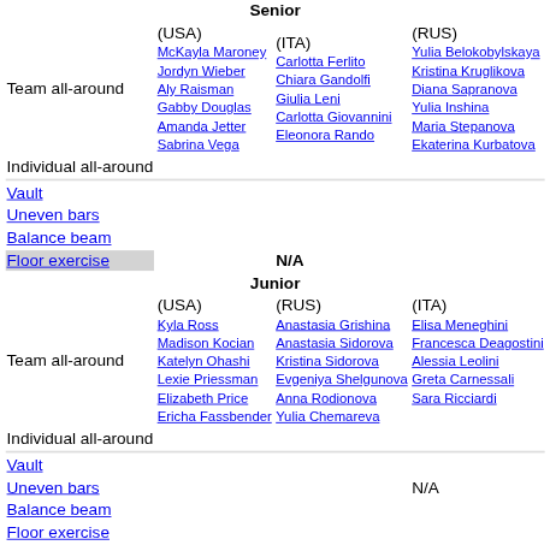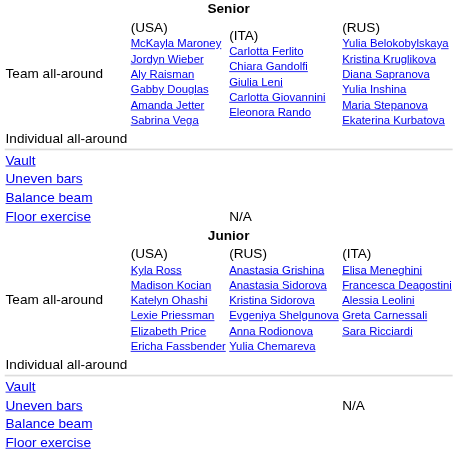 <table>
 <tr>
 <th colspan="4">Senior</th>
 </tr>
 <tr>
 <td>Team all-around</td>
 <td> (USA) <br><small><a href='#'>McKayla Maroney</a><br><a href='#'>Jordyn Wieber</a><br><a href='#'>Aly Raisman</a><br><a href='#'>Gabby Douglas</a><br><a href='#'>Amanda Jetter</a><br><a href='#'>Sabrina Vega</a></small></td>
 <td> (ITA) <br><small><a href='#'>Carlotta Ferlito</a><br><a href='#'>Chiara Gandolfi</a><br><a href='#'>Giulia Leni</a><br><a href='#'>Carlotta Giovannini</a><br><a href='#'>Eleonora Rando</a></small></td>
 <td> (RUS) <br><small><a href='#'>Yulia Belokobylskaya</a><br><a href='#'>Kristina Kruglikova</a><br><a href='#'>Diana Sapranova</a><br><a href='#'>Yulia Inshina</a><br><a href='#'>Maria Stepanova</a><br><a href='#'>Ekaterina Kurbatova</a></small></td>
 </tr>
 <tr>
 <td>Individual all-around</td>
 <td></td>
 <td></td>
 <td></td>
 </tr>
 <tr bgcolor=#DDDDDD>
 <td colspan=7></td>
 </tr>
 <tr>
 <td><a href='#'>Vault</a></td>
 <td></td>
 <td></td>
 <td></td>
 </tr>
 <tr>
 <td><a href='#'>Uneven bars</a></td>
 <td></td>
 <td></td>
 <td></td>
 </tr>
 <tr>
 <td><a href='#'>Balance beam</a></td>
 <td></td>
 <td></td>
 <td></td>
 </tr>
 <tr>
-<td style="background: lightgrey;"><a href='#'>Floor exercise</a></td>
+<td><a href='#'>Floor exercise</a></td>
 <td><br></td>
-<td><strong>N/A</strong></td>
+<td>N/A</td>
 <td></td>
 </tr>
 <tr>
 <th colspan="4">Junior</th>
 </tr>
 <tr>
 <td>Team all-around</td>
 <td> (USA) <br><small><a href='#'>Kyla Ross</a><br><a href='#'>Madison Kocian</a><br><a href='#'>Katelyn Ohashi</a><br><a href='#'>Lexie Priessman</a><br><a href='#'>Elizabeth Price</a><br><a href='#'>Ericha Fassbender</a></small></td>
 <td> (RUS) <br><small><a href='#'>Anastasia Grishina</a><br><a href='#'>Anastasia Sidorova</a><br><a href='#'>Kristina Sidorova</a><br><a href='#'>Evgeniya Shelgunova</a><br><a href='#'>Anna Rodionova</a><br><a href='#'>Yulia Chemareva</a></small></td>
 <td> (ITA) <br><small><a href='#'>Elisa Meneghini</a><br><a href='#'>Francesca Deagostini</a><br><a href='#'>Alessia Leolini</a><br><a href='#'>Greta Carnessali</a><br><a href='#'>Sara Ricciardi</a><br><br></small></td>
 </tr>
 <tr>
 <td>Individual all-around</td>
 <td></td>
 <td></td>
 <td></td>
 </tr>
 <tr bgcolor=#DDDDDD>
 <td colspan=7></td>
 </tr>
 <tr>
 <td><a href='#'>Vault</a></td>
 <td></td>
 <td></td>
 <td></td>
 </tr>
 <tr>
 <td><a href='#'>Uneven bars</a></td>
 <td></td>
 <td><br></td>
 <td>N/A</td>
 </tr>
 <tr>
 <td><a href='#'>Balance beam</a></td>
 <td></td>
 <td></td>
 <td></td>
 </tr>
 <tr>
 <td><a href='#'>Floor exercise</a></td>
 <td></td>
 <td></td>
 <td></td>
 </tr>
 </table>
